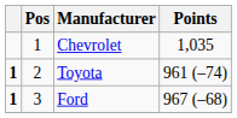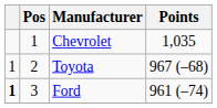 <table class="wikitable" style="font-size: 95%;">
 <tr>
 <th></th>
 <th>Pos</th>
 <th>Manufacturer</th>
 <th>Points</th>
 </tr>
 <tr>
 <td align="left"></td>
 <td style="text-align:center;">1</td>
 <td><a href='#'>Chevrolet</a></td>
 <td style="text-align:center;">1,035</td>
 </tr>
 <tr>
-<td align="left"><strong> 1</strong></td>
+<td align="left"> 1</td>
 <td style="text-align:center;">2</td>
 <td><a href='#'>Toyota</a></td>
-<td style="text-align:center;">961 (–74)</td>
+<td style="text-align:center;">967 (–68)</td>
 </tr>
 <tr>
 <td align="left"><strong> 1</strong></td>
 <td style="text-align:center;">3</td>
 <td><a href='#'>Ford</a></td>
-<td style="text-align:center;">967 (–68)</td>
+<td style="text-align:center;">961 (–74)</td>
 </tr>
 <tr class="sortbottom">
 </tr>
 </table>
